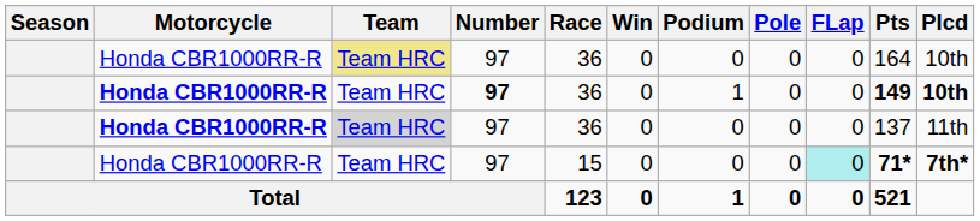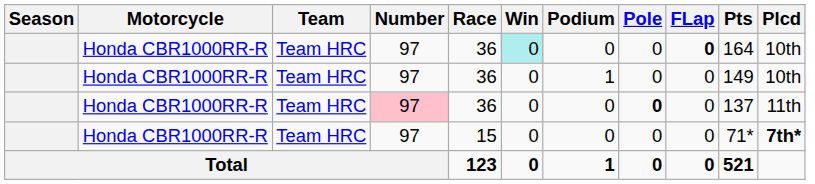 <table class="wikitable" style="text-align:right;">
 <tr>
 <th>Season</th>
 <th>Motorcycle</th>
 <th>Team</th>
 <th>Number</th>
 <th>Race</th>
 <th>Win</th>
 <th>Podium</th>
 <th><a href='#'>Pole</a></th>
 <th><a href='#'>FLap</a></th>
 <th>Pts</th>
 <th>Plcd</th>
 </tr>
 <tr>
 <th></th>
 <td style="text-align:left;"><a href='#'>Honda CBR1000RR-R</a></td>
-<td style="background: khaki; text-align:left;"><a href='#'>Team HRC</a></td>
+<td style="text-align:left;"><a href='#'>Team HRC</a></td>
 <td style="text-align:center;">97</td>
 <td>36</td>
+<td style="background: paleturquoise;">0</td>
 <td>0</td>
 <td>0</td>
-<td>0</td>
-<td>0</td>
+<td><strong>0</strong></td>
 <td>164</td>
 <td>10th</td>
 </tr>
 <tr>
 <th></th>
-<td style="text-align:left;"><strong><a href='#'>Honda CBR1000RR-R</a></strong></td>
+<td style="text-align:left;"><a href='#'>Honda CBR1000RR-R</a></td>
 <td style="text-align:left;"><a href='#'>Team HRC</a></td>
-<td style="text-align:center;"><strong>97</strong></td>
+<td style="text-align:center;">97</td>
 <td>36</td>
 <td>0</td>
 <td>1</td>
 <td>0</td>
 <td>0</td>
-<td><strong>149</strong></td>
-<td><strong>10th</strong></td>
+<td>149</td>
+<td>10th</td>
 </tr>
 <tr>
 <th></th>
-<td style="text-align:left;"><strong><a href='#'>Honda CBR1000RR-R</a></strong></td>
-<td style="background: lightgrey; text-align:left;"><a href='#'>Team HRC</a></td>
-<td style="text-align:center;">97</td>
+<td style="text-align:left;"><a href='#'>Honda CBR1000RR-R</a></td>
+<td style="text-align:left;"><a href='#'>Team HRC</a></td>
+<td style="background: pink; text-align:center;">97</td>
 <td>36</td>
 <td>0</td>
 <td>0</td>
-<td>0</td>
+<td><strong>0</strong></td>
 <td>0</td>
 <td>137</td>
 <td>11th</td>
 </tr>
 <tr>
 <th></th>
 <td style="text-align:left;"><a href='#'>Honda CBR1000RR-R</a></td>
 <td style="text-align:left;"><a href='#'>Team HRC</a></td>
 <td style="text-align:center;">97</td>
 <td>15</td>
 <td>0</td>
 <td>0</td>
 <td>0</td>
-<td style="background: paleturquoise;">0</td>
-<td><strong>71*</strong></td>
+<td>0</td>
+<td>71*</td>
 <td><strong>7th*</strong></td>
 </tr>
 <tr>
 <th colspan="4">Total</th>
 <td><strong>123</strong></td>
 <td><strong>0</strong></td>
 <td><strong>1</strong></td>
 <td><strong>0</strong></td>
 <td><strong>0</strong></td>
 <td><strong>521</strong></td>
 <td></td>
 </tr>
 </table>
